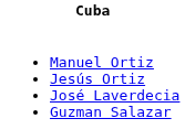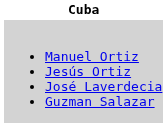 <table>
 <tr>
 <th>Cuba</th>
 </tr>
 <tr>
-<td><br><ul><li><a href='#'>Manuel Ortiz</a></li><li><a href='#'>Jesús Ortiz</a></li><li><a href='#'>José Laverdecia</a></li><li><a href='#'>Guzman Salazar</a></li></ul></td>
+<td style="background: lightgrey;"><br><ul><li><a href='#'>Manuel Ortiz</a></li><li><a href='#'>Jesús Ortiz</a></li><li><a href='#'>José Laverdecia</a></li><li><a href='#'>Guzman Salazar</a></li></ul></td>
 </tr>
 </table>
